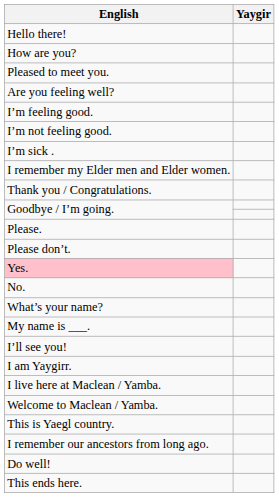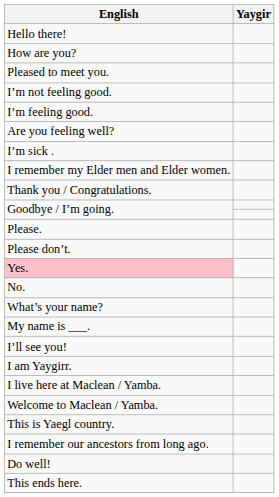 <table class="wikitable sortable">
 <tr>
 <th>English</th>
 <th>Yaygir</th>
 </tr>
 <tr>
 <td>Hello there!</td>
 <td></td>
 </tr>
 <tr>
 <td>How are you?</td>
 <td></td>
 </tr>
 <tr>
 <td>Pleased to meet you.</td>
 <td></td>
 </tr>
 <tr>
-<td>Are you feeling well?</td>
+<td>I’m not feeling good.</td>
 <td></td>
 </tr>
 <tr>
 <td>I’m  feeling good.</td>
 <td></td>
 </tr>
 <tr>
-<td>I’m not feeling good.</td>
+<td>Are you feeling well?</td>
 <td></td>
 </tr>
 <tr>
 <td>I’m sick .</td>
 <td></td>
 </tr>
 <tr>
 <td>I remember my Elder men and Elder women.</td>
 <td></td>
 </tr>
 <tr>
 <td>Thank you / Congratulations.</td>
 <td></td>
 </tr>
 <tr>
 <td rowspan=2>Goodbye / I’m going.</td>
 <td></td>
 </tr>
 <tr>
 <td></td>
 </tr>
 <tr>
 <td>Please.</td>
 <td></td>
 </tr>
 <tr>
 <td>Please don’t.</td>
 <td></td>
 </tr>
 <tr>
 <td style="background: pink;">Yes.</td>
 <td></td>
 </tr>
 <tr>
 <td>No.</td>
 <td></td>
 </tr>
 <tr>
 <td>What’s your name?</td>
 <td></td>
 </tr>
 <tr>
 <td>My name is ___.</td>
 <td></td>
 </tr>
 <tr>
 <td>I’ll see you!</td>
 <td></td>
 </tr>
 <tr>
 <td>I am Yaygirr.</td>
 <td></td>
 </tr>
 <tr>
 <td>I live here at Maclean / Yamba.</td>
 <td></td>
 </tr>
 <tr>
 <td>Welcome to Maclean / Yamba.</td>
 <td></td>
 </tr>
 <tr>
 <td>This is Yaegl country.</td>
 <td></td>
 </tr>
 <tr>
 <td>I remember our ancestors from long ago.</td>
 <td></td>
 </tr>
 <tr>
 <td>Do well!</td>
 <td></td>
 </tr>
 <tr>
 <td>This ends here.</td>
 <td></td>
 </tr>
 </table>
